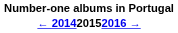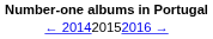 <table class="toc" id="toc" summary="Contents">
 <tr>
 <th>Number-one albums in Portugal</th>
 </tr>
 <tr>
-<td align="center"><strong><a href='#'>← 2014</a>2015<a href='#'>2016 →</a></strong></td>
+<td align="center"><a href='#'>← 2014</a>2015<a href='#'>2016 →</a></td>
 </tr>
 </table>
